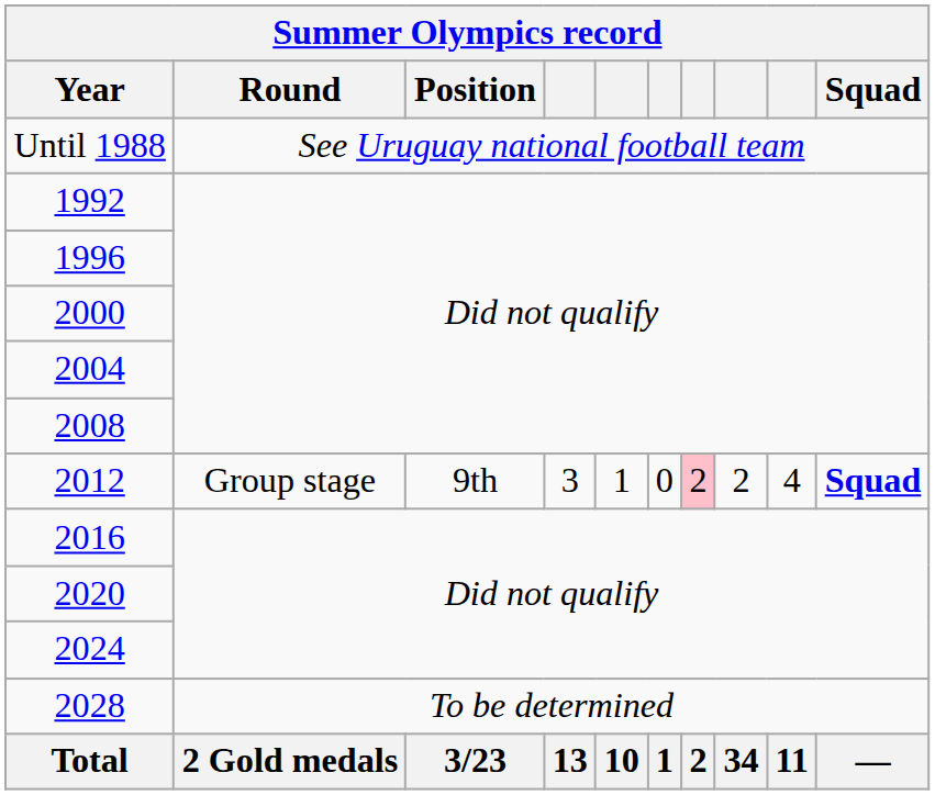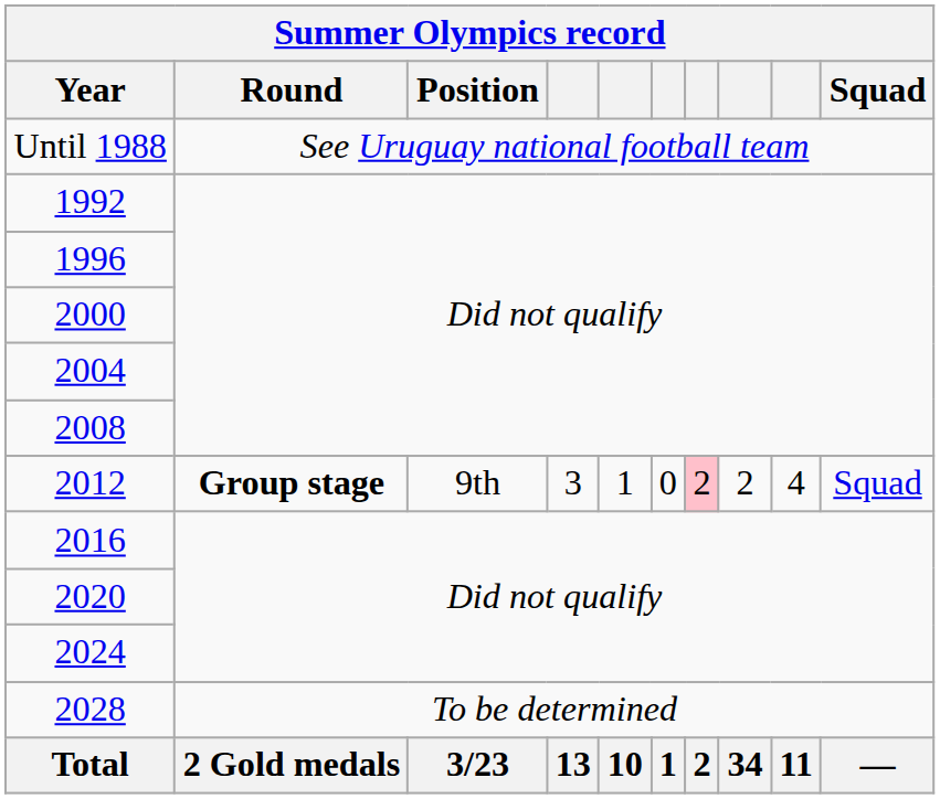 <table class="wikitable" style="text-align: center;">
 <tr>
 <th colspan=10><a href='#'>Summer Olympics record</a></th>
 </tr>
 <tr>
 <th>Year</th>
 <th>Round</th>
 <th>Position</th>
 <th></th>
 <th></th>
 <th></th>
 <th></th>
 <th></th>
 <th></th>
 <th>Squad</th>
 </tr>
 <tr>
 <td>Until <a href='#'>1988</a></td>
 <td colspan=9><em>See <a href='#'>Uruguay national football team</a></em></td>
 </tr>
 <tr>
 <td> <a href='#'>1992</a></td>
 <td colspan=9 rowspan=5><em>Did not qualify</em></td>
 </tr>
 <tr>
 <td> <a href='#'>1996</a></td>
 </tr>
 <tr>
 <td> <a href='#'>2000</a></td>
 </tr>
 <tr>
 <td> <a href='#'>2004</a></td>
 </tr>
 <tr>
 <td> <a href='#'>2008</a></td>
 </tr>
 <tr>
 <td> <a href='#'>2012</a></td>
-<td>Group stage</td>
+<td><strong>Group stage</strong></td>
 <td>9th</td>
 <td>3</td>
 <td>1</td>
 <td>0</td>
 <td style="background: pink;">2</td>
 <td>2</td>
 <td>4</td>
-<td><strong><a href='#'>Squad</a></strong></td>
+<td><a href='#'>Squad</a></td>
 </tr>
 <tr>
 <td> <a href='#'>2016</a></td>
 <td colspan=9 rowspan=3><em>Did not qualify</em></td>
 </tr>
 <tr>
 <td> <a href='#'>2020</a></td>
 </tr>
 <tr>
 <td> <a href='#'>2024</a></td>
 </tr>
 <tr>
 <td> <a href='#'>2028</a></td>
 <td colspan=9><em>To be determined</em></td>
 </tr>
 <tr>
 <th>Total</th>
 <th>2 Gold medals</th>
 <th>3/23</th>
 <th>13</th>
 <th>10</th>
 <th>1</th>
 <th>2</th>
 <th>34</th>
 <th>11</th>
 <th>—</th>
 </tr>
 </table>
